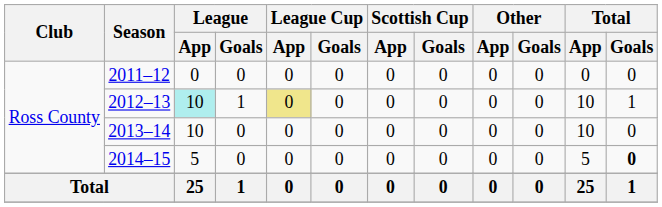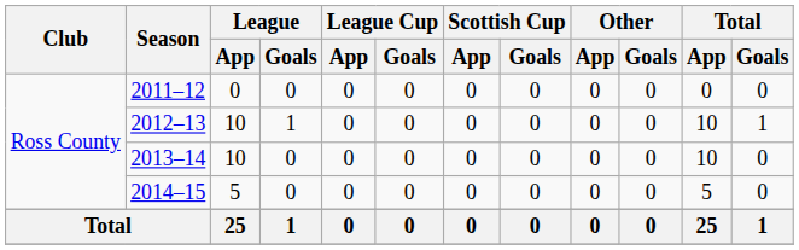 <table class="wikitable">
 <tr>
 <th rowspan=2>Club</th>
 <th rowspan=2>Season</th>
 <th colspan=2>League</th>
 <th colspan=2>League Cup</th>
 <th colspan=2>Scottish Cup</th>
 <th colspan=2>Other</th>
 <th colspan=2>Total</th>
 </tr>
 <tr>
 <th>App</th>
 <th>Goals</th>
 <th>App</th>
 <th>Goals</th>
 <th>App</th>
 <th>Goals</th>
 <th>App</th>
 <th>Goals</th>
 <th>App</th>
 <th>Goals</th>
 </tr>
 <tr align=center>
 <td rowspan=4><a href='#'>Ross County</a></td>
 <td><a href='#'>2011–12</a></td>
 <td>0</td>
 <td>0</td>
 <td>0</td>
 <td>0</td>
 <td>0</td>
 <td>0</td>
 <td>0</td>
 <td>0</td>
 <td>0</td>
 <td>0</td>
 </tr>
 <tr align=center>
 <td><a href='#'>2012–13</a></td>
-<td style="background: paleturquoise;">10</td>
+<td>10</td>
 <td>1</td>
-<td style="background: khaki;">0</td>
+<td>0</td>
 <td>0</td>
 <td>0</td>
 <td>0</td>
 <td>0</td>
 <td>0</td>
 <td>10</td>
 <td>1</td>
 </tr>
 <tr align=center>
 <td><a href='#'>2013–14</a></td>
 <td>10</td>
 <td>0</td>
 <td>0</td>
 <td>0</td>
 <td>0</td>
 <td>0</td>
 <td>0</td>
 <td>0</td>
 <td>10</td>
 <td>0</td>
 </tr>
 <tr align=center>
 <td><a href='#'>2014–15</a></td>
 <td>5</td>
 <td>0</td>
 <td>0</td>
 <td>0</td>
 <td>0</td>
 <td>0</td>
 <td>0</td>
 <td>0</td>
 <td>5</td>
-<td><strong>0</strong></td>
+<td>0</td>
 </tr>
 <tr align=center>
 </tr>
 <tr align=center>
 <th colspan=2>Total</th>
 <th>25</th>
 <th>1</th>
 <th>0</th>
 <th>0</th>
 <th>0</th>
 <th>0</th>
 <th>0</th>
 <th>0</th>
 <th>25</th>
 <th>1</th>
 </tr>
 <tr>
 </tr>
 </table>
